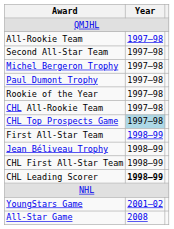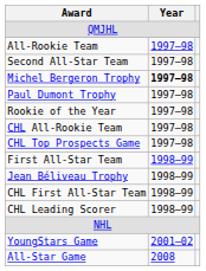 <table class="wikitable">
 <tr>
 <th>Award</th>
 <th>Year</th>
 <th></th>
 </tr>
 <tr ALIGN="center" bgcolor="#e0e0e0">
 <td colspan="3"><a href='#'>QMJHL</a></td>
 </tr>
 <tr>
 <td>All-Rookie Team</td>
 <td><a href='#'>1997–98</a></td>
 <td></td>
 </tr>
 <tr>
 <td>Second All-Star Team</td>
 <td>1997–98</td>
 <td></td>
 </tr>
 <tr>
 <td><a href='#'>Michel Bergeron Trophy</a></td>
-<td>1997–98</td>
+<td><strong>1997–98</strong></td>
 <td></td>
 </tr>
 <tr>
 <td><a href='#'>Paul Dumont Trophy</a></td>
 <td>1997–98</td>
 <td></td>
 </tr>
 <tr>
 <td>Rookie of the Year</td>
 <td>1997–98</td>
 <td></td>
 </tr>
 <tr>
 <td><a href='#'>CHL</a> All-Rookie Team</td>
 <td>1997–98</td>
 <td></td>
 </tr>
 <tr>
 <td><a href='#'>CHL Top Prospects Game</a></td>
-<td style="background: lightblue;">1997–98</td>
+<td>1997–98</td>
 <td></td>
 </tr>
 <tr>
 <td>First All-Star Team</td>
 <td><a href='#'>1998–99</a></td>
 <td></td>
 </tr>
 <tr>
 <td><a href='#'>Jean Béliveau Trophy</a></td>
 <td>1998–99</td>
 <td></td>
 </tr>
 <tr>
 <td>CHL First All-Star Team</td>
 <td>1998–99</td>
 <td></td>
 </tr>
 <tr>
 <td>CHL Leading Scorer</td>
-<td><strong>1998–99</strong></td>
+<td>1998–99</td>
 <td></td>
 </tr>
 <tr ALIGN="center" bgcolor="#e0e0e0">
 <td colspan="3"><a href='#'>NHL</a></td>
 </tr>
 <tr>
 <td><a href='#'>YoungStars Game</a></td>
 <td><a href='#'>2001–02</a></td>
 <td></td>
 </tr>
 <tr>
 <td><a href='#'>All-Star Game</a></td>
 <td><a href='#'>2008</a></td>
 <td></td>
 </tr>
 </table>
